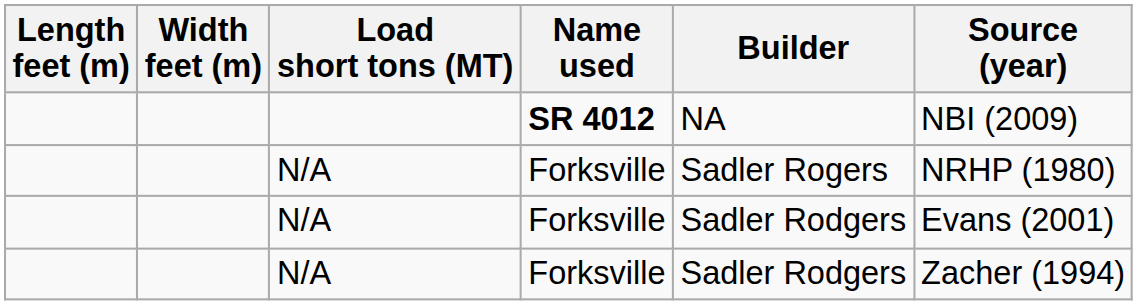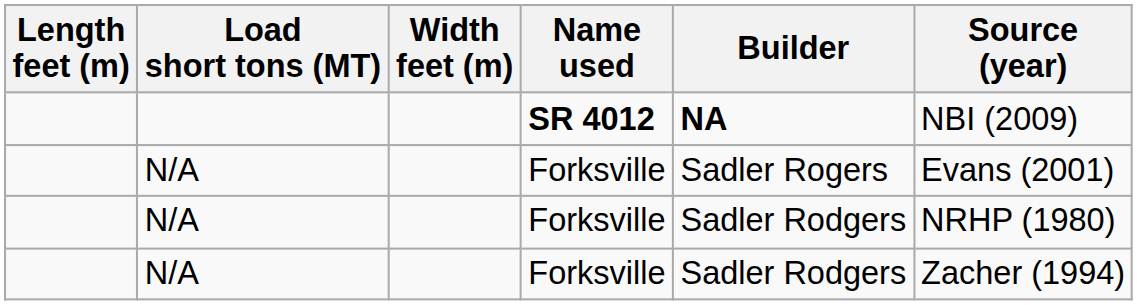 <table class="wikitable sortable">
 <tr>
 <th style="width:*;"><strong>Length</strong><br>feet (m)</th>
+<th style="width:*;"><strong>Load</strong><br>short tons (MT)</th>
 <th style="width:*;"><strong>Width</strong><br>feet (m)</th>
-<th style="width:*;"><strong>Load</strong><br>short tons (MT)</th>
 <th style="width:*;" class="unsortable"><strong>Name<br>used</strong></th>
 <th style="width:*;" class="unsortable"><strong>Builder</strong></th>
 <th style="width:*;" class="unsortable"><strong>Source<br>(year)</strong></th>
 </tr>
 <tr>
 <td></td>
 <td></td>
 <td></td>
 <td><strong>SR 4012</strong></td>
-<td>NA</td>
+<td><strong>NA</strong></td>
 <td>NBI (2009)</td>
 </tr>
 <tr>
 <td></td>
+<td>N/A</td>
+<td></td>
+<td>Forksville</td>
+<td>Sadler Rogers</td>
+<td>Evans (2001)</td>
+</tr>
+<tr>
 <td></td>
 <td>N/A</td>
+<td></td>
 <td>Forksville</td>
-<td>Sadler Rogers</td>
+<td>Sadler Rodgers</td>
 <td>NRHP (1980)</td>
 </tr>
 <tr>
 <td></td>
+<td>N/A</td>
 <td></td>
-<td>N/A</td>
-<td>Forksville</td>
-<td>Sadler Rodgers</td>
-<td>Evans (2001)</td>
-</tr>
-<tr>
-<td></td>
-<td></td>
-<td>N/A</td>
 <td>Forksville</td>
 <td>Sadler Rodgers</td>
 <td>Zacher (1994)</td>
 </tr>
 </table>
